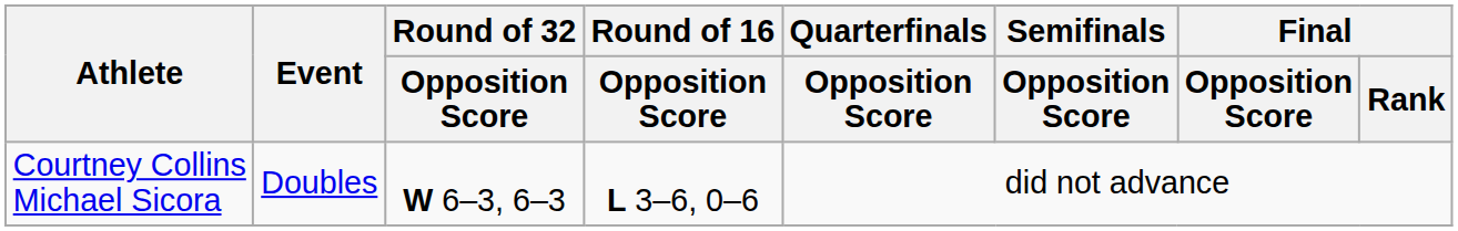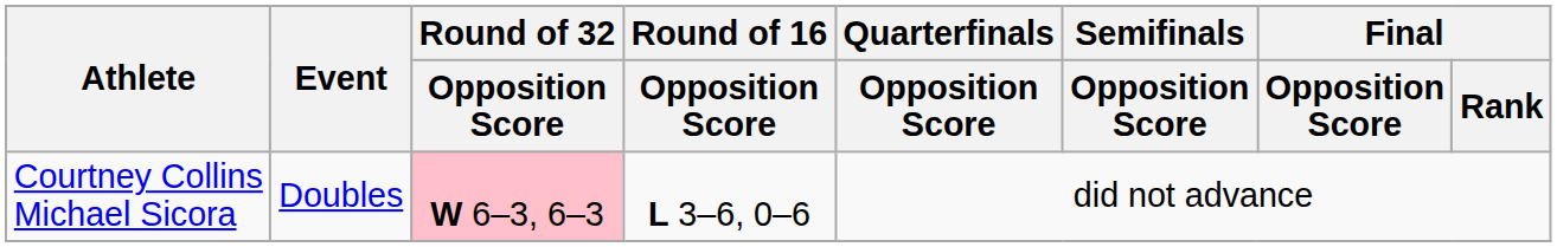 <table class="wikitable" border="1" style="font-size:90%">
 <tr>
 <th rowspan=2>Athlete</th>
 <th rowspan=2>Event</th>
 <th>Round of 32</th>
 <th>Round of 16</th>
 <th>Quarterfinals</th>
 <th>Semifinals</th>
 <th colspan=2>Final</th>
 </tr>
 <tr>
 <th>Opposition<br>Score</th>
 <th>Opposition<br>Score</th>
 <th>Opposition<br>Score</th>
 <th>Opposition<br>Score</th>
 <th>Opposition<br>Score</th>
 <th>Rank</th>
 </tr>
 <tr>
 <td><a href='#'>Courtney Collins</a><br><a href='#'>Michael Sicora</a></td>
 <td><a href='#'>Doubles</a></td>
-<td align=center><br> <strong>W</strong> 6–3, 6–3</td>
+<td align=center style="background: pink;"><br> <strong>W</strong> 6–3, 6–3</td>
 <td align=center><br> <strong>L</strong> 3–6, 0–6</td>
 <td align=center colspan=4>did not advance</td>
 </tr>
 </table>
